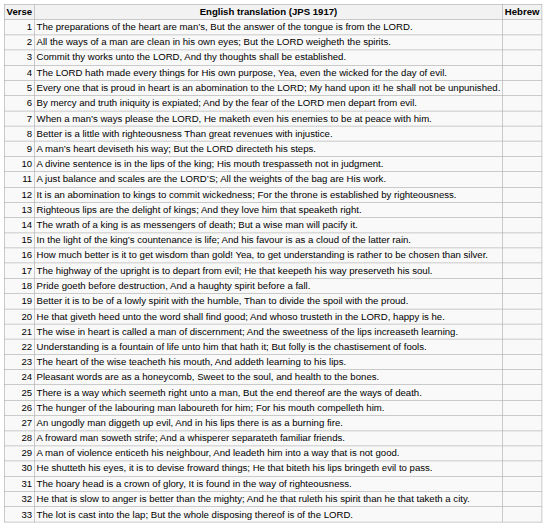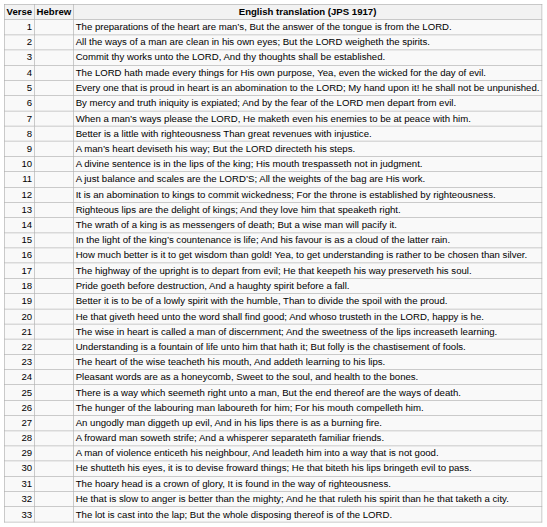 <table class="wikitable">
 <tr>
 <th>Verse</th>
+<th>Hebrew</th>
 <th>English translation (JPS 1917)</th>
-<th>Hebrew</th>
 </tr>
 <tr>
 <td style="text-align:right">1</td>
+<td style="text-align:right"></td>
 <td>The preparations of the heart are man’s, But the answer of the tongue is from the LORD.</td>
-<td style="text-align:right"></td>
 </tr>
 <tr>
 <td style="text-align:right">2</td>
+<td style="text-align:right"></td>
 <td>All the ways of a man are clean in his own eyes; But the LORD weigheth the spirits.</td>
-<td style="text-align:right"></td>
 </tr>
 <tr>
 <td style="text-align:right">3</td>
+<td style="text-align:right"></td>
 <td>Commit thy works unto the LORD, And thy thoughts shall be established.</td>
-<td style="text-align:right"></td>
 </tr>
 <tr>
 <td style="text-align:right">4</td>
+<td style="text-align:right"></td>
 <td>The LORD hath made every things for His own purpose, Yea, even the wicked for the day of evil.</td>
-<td style="text-align:right"></td>
 </tr>
 <tr>
 <td style="text-align:right">5</td>
+<td style="text-align:right"></td>
 <td>Every one that is proud in heart is an abomination to the LORD; My hand upon it! he shall not be unpunished.</td>
-<td style="text-align:right"></td>
 </tr>
 <tr>
 <td style="text-align:right">6</td>
+<td style="text-align:right"></td>
 <td>By mercy and truth iniquity is expiated; And by the fear of the LORD men depart from evil.</td>
-<td style="text-align:right"></td>
 </tr>
 <tr>
 <td style="text-align:right">7</td>
+<td style="text-align:right"></td>
 <td>When a man’s ways please the LORD, He maketh even his enemies to be at peace with him.</td>
-<td style="text-align:right"></td>
 </tr>
 <tr>
 <td style="text-align:right">8</td>
+<td style="text-align:right"></td>
 <td>Better is a little with righteousness Than great revenues with injustice.</td>
-<td style="text-align:right"></td>
 </tr>
 <tr>
 <td style="text-align:right">9</td>
+<td style="text-align:right"></td>
 <td>A man’s heart deviseth his way; But the LORD directeth his steps.</td>
-<td style="text-align:right"></td>
 </tr>
 <tr>
 <td style="text-align:right">10</td>
+<td style="text-align:right"></td>
 <td>A divine sentence is in the lips of the king; His mouth trespasseth not in judgment.</td>
-<td style="text-align:right"></td>
 </tr>
 <tr>
 <td style="text-align:right">11</td>
+<td style="text-align:right"></td>
 <td>A just balance and scales are the LORD’S; All the weights of the bag are His work.</td>
-<td style="text-align:right"></td>
 </tr>
 <tr>
 <td style="text-align:right">12</td>
+<td style="text-align:right"></td>
 <td>It is an abomination to kings to commit wickedness; For the throne is established by righteousness.</td>
-<td style="text-align:right"></td>
 </tr>
 <tr>
 <td style="text-align:right">13</td>
+<td style="text-align:right"></td>
 <td>Righteous lips are the delight of kings; And they love him that speaketh right.</td>
-<td style="text-align:right"></td>
 </tr>
 <tr>
 <td style="text-align:right">14</td>
+<td style="text-align:right"></td>
 <td>The wrath of a king is as messengers of death; But a wise man will pacify it.</td>
-<td style="text-align:right"></td>
 </tr>
 <tr>
 <td style="text-align:right">15</td>
+<td style="text-align:right"></td>
 <td>In the light of the king’s countenance is life; And his favour is as a cloud of the latter rain.</td>
-<td style="text-align:right"></td>
 </tr>
 <tr>
 <td style="text-align:right">16</td>
+<td style="text-align:right"></td>
 <td>How much better is it to get wisdom than gold! Yea, to get understanding is rather to be chosen than silver.</td>
-<td style="text-align:right"></td>
 </tr>
 <tr>
 <td style="text-align:right">17</td>
+<td style="text-align:right"></td>
 <td>The highway of the upright is to depart from evil; He that keepeth his way preserveth his soul.</td>
-<td style="text-align:right"></td>
 </tr>
 <tr>
 <td style="text-align:right">18</td>
+<td style="text-align:right"></td>
 <td>Pride goeth before destruction, And a haughty spirit before a fall.</td>
-<td style="text-align:right"></td>
 </tr>
 <tr>
 <td style="text-align:right">19</td>
+<td style="text-align:right"></td>
 <td>Better it is to be of a lowly spirit with the humble, Than to divide the spoil with the proud.</td>
-<td style="text-align:right"></td>
 </tr>
 <tr>
 <td style="text-align:right">20</td>
+<td style="text-align:right"></td>
 <td>He that giveth heed unto the word shall find good; And whoso trusteth in the LORD, happy is he.</td>
-<td style="text-align:right"></td>
 </tr>
 <tr>
 <td style="text-align:right">21</td>
+<td style="text-align:right"></td>
 <td>The wise in heart is called a man of discernment; And the sweetness of the lips increaseth learning.</td>
-<td style="text-align:right"></td>
 </tr>
 <tr>
 <td style="text-align:right">22</td>
+<td style="text-align:right"></td>
 <td>Understanding is a fountain of life unto him that hath it; But folly is the chastisement of fools.</td>
-<td style="text-align:right"></td>
 </tr>
 <tr>
 <td style="text-align:right">23</td>
+<td style="text-align:right"></td>
 <td>The heart of the wise teacheth his mouth, And addeth learning to his lips.</td>
-<td style="text-align:right"></td>
 </tr>
 <tr>
 <td style="text-align:right">24</td>
+<td style="text-align:right"></td>
 <td>Pleasant words are as a honeycomb, Sweet to the soul, and health to the bones.</td>
-<td style="text-align:right"></td>
 </tr>
 <tr>
 <td style="text-align:right">25</td>
+<td style="text-align:right"></td>
 <td>There is a way which seemeth right unto a man, But the end thereof are the ways of death.</td>
-<td style="text-align:right"></td>
 </tr>
 <tr>
 <td style="text-align:right">26</td>
+<td style="text-align:right"></td>
 <td>The hunger of the labouring man laboureth for him; For his mouth compelleth him.</td>
-<td style="text-align:right"></td>
 </tr>
 <tr>
 <td style="text-align:right">27</td>
+<td style="text-align:right"></td>
 <td>An ungodly man diggeth up evil, And in his lips there is as a burning fire.</td>
-<td style="text-align:right"></td>
 </tr>
 <tr>
 <td style="text-align:right">28</td>
+<td style="text-align:right"></td>
 <td>A froward man soweth strife; And a whisperer separateth familiar friends.</td>
-<td style="text-align:right"></td>
 </tr>
 <tr>
 <td style="text-align:right">29</td>
+<td style="text-align:right"></td>
 <td>A man of violence enticeth his neighbour, And leadeth him into a way that is not good.</td>
-<td style="text-align:right"></td>
 </tr>
 <tr>
 <td style="text-align:right">30</td>
+<td style="text-align:right"></td>
 <td>He shutteth his eyes, it is to devise froward things; He that biteth his lips bringeth evil to pass.</td>
-<td style="text-align:right"></td>
 </tr>
 <tr>
 <td style="text-align:right">31</td>
+<td style="text-align:right"></td>
 <td>The hoary head is a crown of glory, It is found in the way of righteousness.</td>
-<td style="text-align:right"></td>
 </tr>
 <tr>
 <td style="text-align:right">32</td>
+<td style="text-align:right"></td>
 <td>He that is slow to anger is better than the mighty; And he that ruleth his spirit than he that taketh a city.</td>
-<td style="text-align:right"></td>
 </tr>
 <tr>
 <td style="text-align:right">33</td>
+<td style="text-align:right"></td>
 <td>The lot is cast into the lap; But the whole disposing thereof is of the LORD.</td>
-<td style="text-align:right"></td>
 </tr>
 </table>
